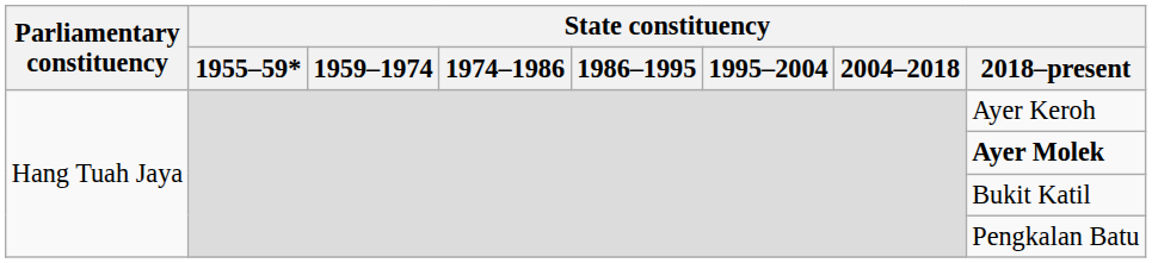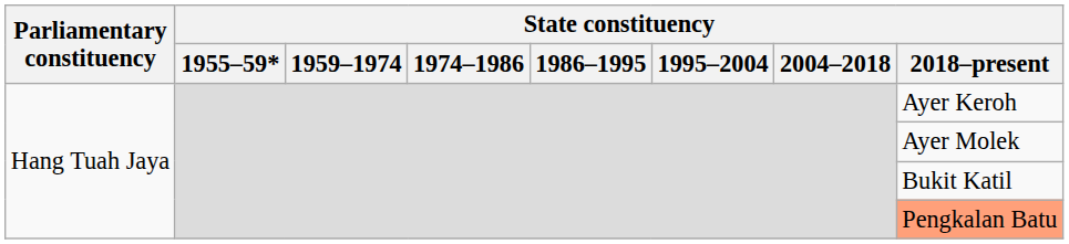 <table class="wikitable">
 <tr>
 <th rowspan="2">Parliamentary<br>constituency</th>
 <th colspan="7">State constituency</th>
 </tr>
 <tr>
 <th>1955–59*</th>
 <th>1959–1974</th>
 <th>1974–1986</th>
 <th>1986–1995</th>
 <th>1995–2004</th>
 <th>2004–2018</th>
 <th>2018–present</th>
 </tr>
 <tr>
 <td rowspan="4">Hang Tuah Jaya</td>
 <td colspan="6" rowspan="4" bgcolor="dcdcdc"></td>
 <td>Ayer Keroh</td>
 </tr>
 <tr>
-<td><strong>Ayer Molek</strong></td>
+<td>Ayer Molek</td>
 </tr>
 <tr>
 <td>Bukit Katil</td>
 </tr>
 <tr>
-<td>Pengkalan Batu</td>
+<td style="background: lightsalmon;">Pengkalan Batu</td>
 </tr>
 </table>
